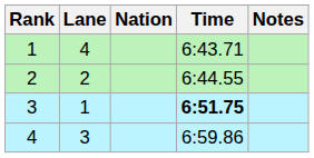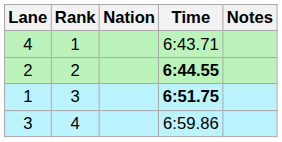 <table class="wikitable sortable" style="text-align:center">
 <tr>
+<th>Lane</th>
 <th>Rank</th>
-<th>Lane</th>
 <th>Nation</th>
 <th>Time</th>
 <th>Notes</th>
 </tr>
 <tr bgcolor=bbf3bb>
+<td>4</td>
 <td>1</td>
-<td>4</td>
 <td align=left></td>
 <td>6:43.71</td>
 <td></td>
 </tr>
 <tr bgcolor=bbf3bb>
 <td>2</td>
 <td>2</td>
 <td align=left></td>
-<td>6:44.55</td>
+<td><strong>6:44.55</strong></td>
 <td></td>
 </tr>
 <tr bgcolor=bbf3ff>
+<td>1</td>
 <td>3</td>
-<td>1</td>
 <td align=left></td>
 <td><strong>6:51.75</strong></td>
 <td></td>
 </tr>
 <tr bgcolor=bbf3ff>
+<td>3</td>
 <td>4</td>
-<td>3</td>
 <td align=left></td>
 <td>6:59.86</td>
 <td></td>
 </tr>
 </table>
